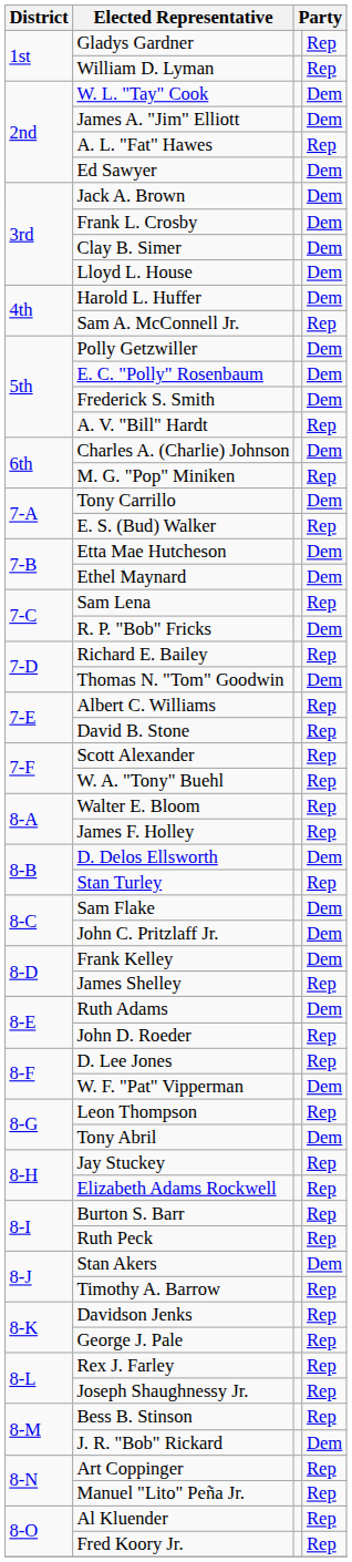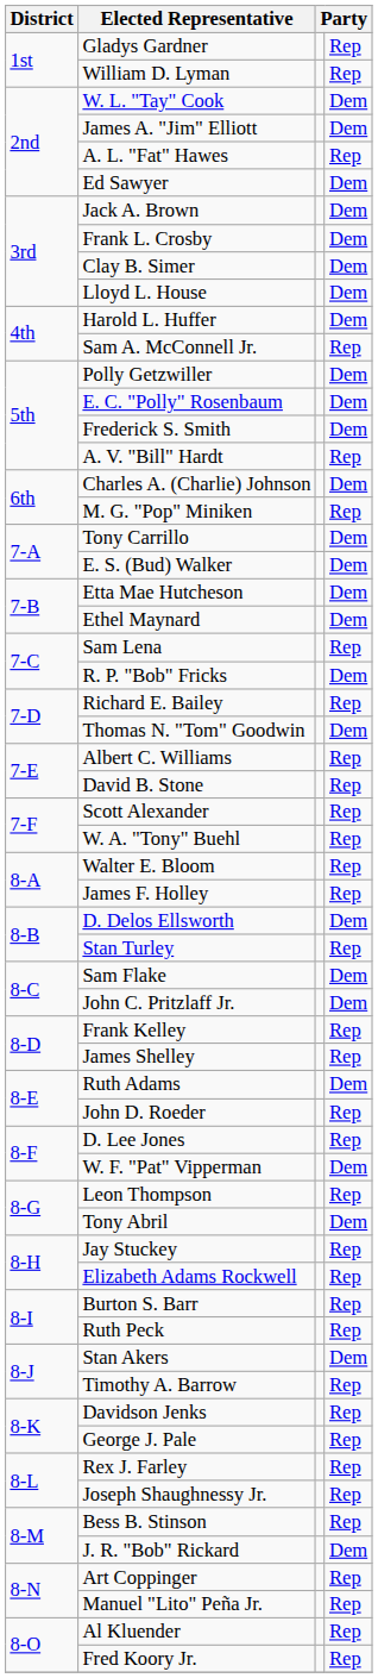 <table class="sortable wikitable" style="font-size:95%;line-height:14px;">
 <tr>
 <th>District</th>
 <th>Elected Representative</th>
 <th colspan="2">Party</th>
 </tr>
 <tr>
 <td rowspan="2"><a href='#'>1st</a></td>
 <td>Gladys Gardner</td>
 <td style="background:"></td>
 <td><a href='#'>Rep</a></td>
 </tr>
 <tr>
 <td>William D. Lyman</td>
 <td style="background:"></td>
 <td><a href='#'>Rep</a></td>
 </tr>
 <tr>
 <td rowspan="4"><a href='#'>2nd</a></td>
 <td><a href='#'>W. L. "Tay" Cook</a></td>
 <td style="background:"></td>
 <td><a href='#'>Dem</a></td>
 </tr>
 <tr>
 <td>James A. "Jim" Elliott</td>
 <td style="background:"></td>
 <td><a href='#'>Dem</a></td>
 </tr>
 <tr>
 <td>A. L. "Fat" Hawes</td>
 <td style="background:"></td>
 <td><a href='#'>Rep</a></td>
 </tr>
 <tr>
 <td>Ed Sawyer</td>
 <td style="background:"></td>
 <td><a href='#'>Dem</a></td>
 </tr>
 <tr>
 <td rowspan="4"><a href='#'>3rd</a></td>
 <td>Jack A. Brown</td>
 <td style="background:"></td>
 <td><a href='#'>Dem</a></td>
 </tr>
 <tr>
 <td>Frank L. Crosby</td>
 <td style="background:"></td>
 <td><a href='#'>Dem</a></td>
 </tr>
 <tr>
 <td>Clay B. Simer</td>
 <td style="background:"></td>
 <td><a href='#'>Dem</a></td>
 </tr>
 <tr>
 <td>Lloyd L. House</td>
 <td style="background:"></td>
 <td><a href='#'>Dem</a></td>
 </tr>
 <tr>
 <td rowspan="2"><a href='#'>4th</a></td>
 <td>Harold L. Huffer</td>
 <td style="background:"></td>
 <td><a href='#'>Dem</a></td>
 </tr>
 <tr>
 <td>Sam A. McConnell Jr.</td>
 <td style="background:"></td>
 <td><a href='#'>Rep</a></td>
 </tr>
 <tr>
 <td rowspan="4"><a href='#'>5th</a></td>
 <td>Polly Getzwiller</td>
 <td style="background:"></td>
 <td><a href='#'>Dem</a></td>
 </tr>
 <tr>
 <td><a href='#'>E. C. "Polly" Rosenbaum</a></td>
 <td style="background:"></td>
 <td><a href='#'>Dem</a></td>
 </tr>
 <tr>
 <td>Frederick S. Smith</td>
 <td style="background:"></td>
 <td><a href='#'>Dem</a></td>
 </tr>
 <tr>
 <td>A. V. "Bill" Hardt</td>
 <td style="background:"></td>
 <td><a href='#'>Rep</a></td>
 </tr>
 <tr>
 <td rowspan="2"><a href='#'>6th</a></td>
 <td>Charles A. (Charlie) Johnson</td>
 <td style="background:"></td>
 <td><a href='#'>Dem</a></td>
 </tr>
 <tr>
 <td>M. G. "Pop" Miniken</td>
 <td style="background:"></td>
 <td><a href='#'>Rep</a></td>
 </tr>
 <tr>
 <td rowspan="2"><a href='#'>7-A</a></td>
 <td>Tony Carrillo</td>
 <td style="background:"></td>
 <td><a href='#'>Dem</a></td>
 </tr>
 <tr>
 <td>E. S. (Bud) Walker</td>
 <td style="background:"></td>
-<td><a href='#'>Rep</a></td>
+<td><a href='#'>Dem</a></td>
 </tr>
 <tr>
 <td rowspan="2"><a href='#'>7-B</a></td>
 <td>Etta Mae Hutcheson</td>
 <td style="background:"></td>
 <td><a href='#'>Dem</a></td>
 </tr>
 <tr>
 <td>Ethel Maynard</td>
 <td style="background:"></td>
 <td><a href='#'>Dem</a></td>
 </tr>
 <tr>
 <td rowspan="2"><a href='#'>7-C</a></td>
 <td>Sam Lena</td>
 <td style="background:"></td>
 <td><a href='#'>Rep</a></td>
 </tr>
 <tr>
 <td>R. P. "Bob" Fricks</td>
 <td style="background:"></td>
 <td><a href='#'>Dem</a></td>
 </tr>
 <tr>
 <td rowspan="2"><a href='#'>7-D</a></td>
 <td>Richard E. Bailey</td>
 <td style="background:"></td>
 <td><a href='#'>Rep</a></td>
 </tr>
 <tr>
 <td>Thomas N. "Tom" Goodwin</td>
 <td style="background:"></td>
 <td><a href='#'>Dem</a></td>
 </tr>
 <tr>
 <td rowspan="2"><a href='#'>7-E</a></td>
 <td>Albert C. Williams</td>
 <td style="background:"></td>
 <td><a href='#'>Rep</a></td>
 </tr>
 <tr>
 <td>David B. Stone</td>
 <td style="background:"></td>
 <td><a href='#'>Rep</a></td>
 </tr>
 <tr>
 <td rowspan="2"><a href='#'>7-F</a></td>
 <td>Scott Alexander</td>
 <td style="background:"></td>
 <td><a href='#'>Rep</a></td>
 </tr>
 <tr>
 <td>W. A. "Tony" Buehl</td>
 <td style="background:"></td>
 <td><a href='#'>Rep</a></td>
 </tr>
 <tr>
 <td rowspan="2"><a href='#'>8-A</a></td>
 <td>Walter E. Bloom</td>
 <td style="background:"></td>
 <td><a href='#'>Rep</a></td>
 </tr>
 <tr>
 <td>James F. Holley</td>
 <td style="background:"></td>
 <td><a href='#'>Rep</a></td>
 </tr>
 <tr>
 <td rowspan="2"><a href='#'>8-B</a></td>
 <td><a href='#'>D. Delos Ellsworth</a></td>
 <td style="background:"></td>
 <td><a href='#'>Dem</a></td>
 </tr>
 <tr>
 <td><a href='#'>Stan Turley</a></td>
 <td style="background:"></td>
 <td><a href='#'>Rep</a></td>
 </tr>
 <tr>
 <td rowspan="2"><a href='#'>8-C</a></td>
 <td>Sam Flake</td>
 <td style="background:"></td>
 <td><a href='#'>Dem</a></td>
 </tr>
 <tr>
 <td>John C. Pritzlaff Jr.</td>
 <td style="background:"></td>
 <td><a href='#'>Dem</a></td>
 </tr>
 <tr>
 <td rowspan="2"><a href='#'>8-D</a></td>
 <td>Frank Kelley</td>
 <td style="background:"></td>
-<td><a href='#'>Dem</a></td>
+<td><a href='#'>Rep</a></td>
 </tr>
 <tr>
 <td>James Shelley</td>
 <td style="background:"></td>
 <td><a href='#'>Rep</a></td>
 </tr>
 <tr>
 <td rowspan="2"><a href='#'>8-E</a></td>
 <td>Ruth Adams</td>
 <td style="background:"></td>
 <td><a href='#'>Dem</a></td>
 </tr>
 <tr>
 <td>John D. Roeder</td>
 <td style="background:"></td>
 <td><a href='#'>Rep</a></td>
 </tr>
 <tr>
 <td rowspan="2"><a href='#'>8-F</a></td>
 <td>D. Lee Jones</td>
 <td style="background:"></td>
 <td><a href='#'>Rep</a></td>
 </tr>
 <tr>
 <td>W. F. "Pat" Vipperman</td>
 <td style="background:"></td>
 <td><a href='#'>Dem</a></td>
 </tr>
 <tr>
 <td rowspan="2"><a href='#'>8-G</a></td>
 <td>Leon Thompson</td>
 <td style="background:"></td>
 <td><a href='#'>Rep</a></td>
 </tr>
 <tr>
 <td>Tony Abril</td>
 <td style="background:"></td>
 <td><a href='#'>Dem</a></td>
 </tr>
 <tr>
 <td rowspan="2"><a href='#'>8-H</a></td>
 <td>Jay Stuckey</td>
 <td style="background:"></td>
 <td><a href='#'>Rep</a></td>
 </tr>
 <tr>
 <td><a href='#'>Elizabeth Adams Rockwell</a></td>
 <td style="background:"></td>
 <td><a href='#'>Rep</a></td>
 </tr>
 <tr>
 <td rowspan="2"><a href='#'>8-I</a></td>
 <td>Burton S. Barr</td>
 <td style="background:"></td>
 <td><a href='#'>Rep</a></td>
 </tr>
 <tr>
 <td>Ruth Peck</td>
 <td style="background:"></td>
 <td><a href='#'>Rep</a></td>
 </tr>
 <tr>
 <td rowspan="2"><a href='#'>8-J</a></td>
 <td>Stan Akers</td>
 <td style="background:"></td>
 <td><a href='#'>Dem</a></td>
 </tr>
 <tr>
 <td>Timothy A. Barrow</td>
 <td style="background:"></td>
 <td><a href='#'>Rep</a></td>
 </tr>
 <tr>
 <td rowspan="2"><a href='#'>8-K</a></td>
 <td>Davidson Jenks</td>
 <td style="background:"></td>
 <td><a href='#'>Rep</a></td>
 </tr>
 <tr>
 <td>George J. Pale</td>
 <td style="background:"></td>
 <td><a href='#'>Rep</a></td>
 </tr>
 <tr>
 <td rowspan="2"><a href='#'>8-L</a></td>
 <td>Rex J. Farley</td>
 <td style="background:"></td>
 <td><a href='#'>Rep</a></td>
 </tr>
 <tr>
 <td>Joseph Shaughnessy Jr.</td>
 <td style="background:"></td>
 <td><a href='#'>Rep</a></td>
 </tr>
 <tr>
 <td rowspan="2"><a href='#'>8-M</a></td>
 <td>Bess B. Stinson</td>
 <td style="background:"></td>
 <td><a href='#'>Rep</a></td>
 </tr>
 <tr>
 <td>J. R. "Bob" Rickard</td>
 <td style="background:"></td>
 <td><a href='#'>Dem</a></td>
 </tr>
 <tr>
 <td rowspan="2"><a href='#'>8-N</a></td>
 <td>Art Coppinger</td>
 <td style="background:"></td>
 <td><a href='#'>Rep</a></td>
 </tr>
 <tr>
 <td>Manuel "Lito" Peña Jr.</td>
 <td style="background:"></td>
 <td><a href='#'>Rep</a></td>
 </tr>
 <tr>
 <td rowspan="2"><a href='#'>8-O</a></td>
 <td>Al Kluender</td>
 <td style="background:"></td>
 <td><a href='#'>Rep</a></td>
 </tr>
 <tr>
 <td>Fred Koory Jr.</td>
 <td style="background:"></td>
 <td><a href='#'>Rep</a></td>
 </tr>
 <tr>
 </tr>
 </table>
